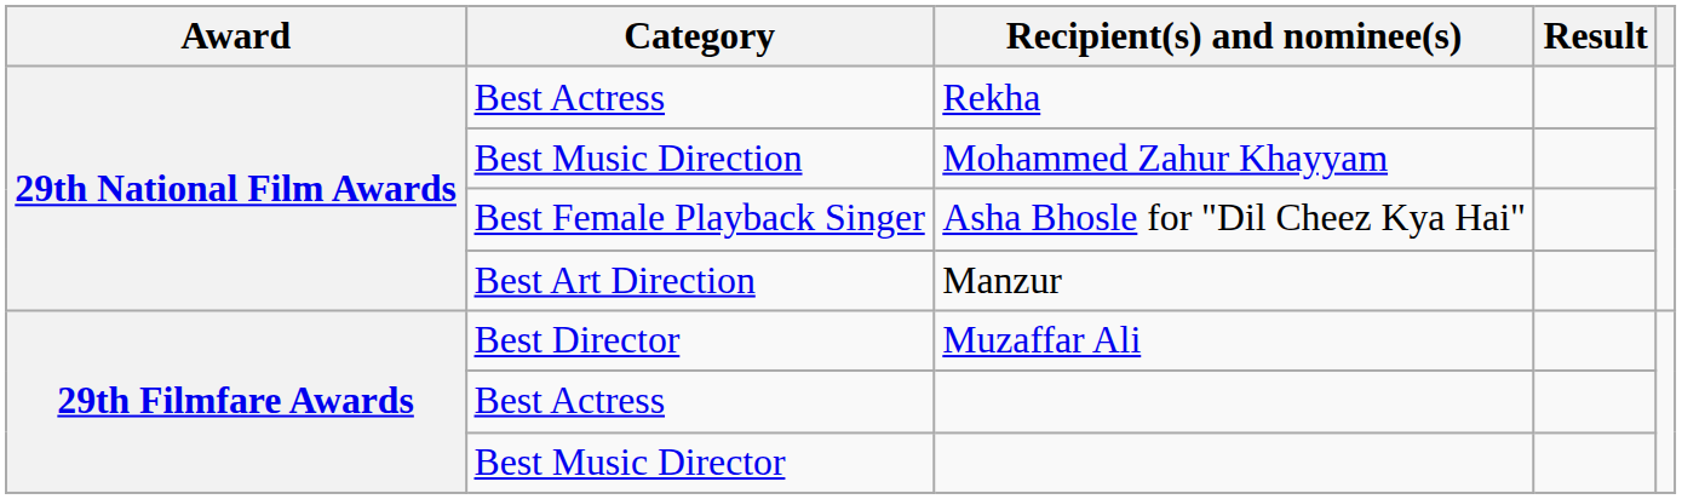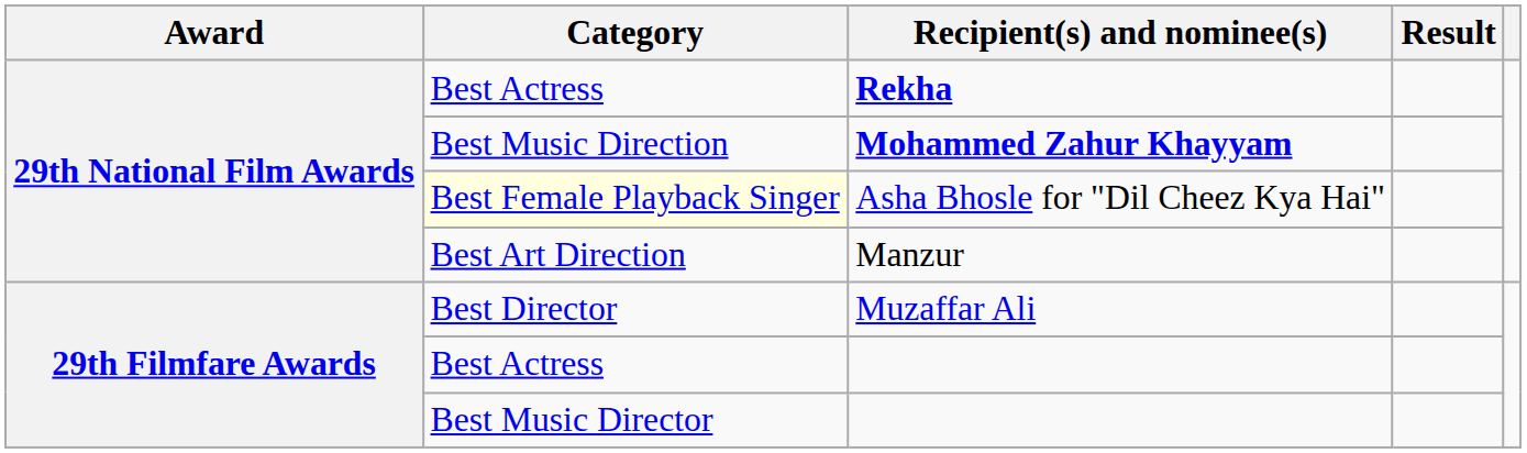 <table class="wikitable plainrowheaders sortable">
 <tr>
 <th scope="col">Award</th>
 <th scope="col">Category</th>
 <th scope="col">Recipient(s) and nominee(s)</th>
 <th scope="col">Result</th>
 <th scope="col" class="unsortable"></th>
 </tr>
 <tr>
 <th rowspan="4" scope="row"><a href='#'>29th National Film Awards</a></th>
 <td><a href='#'>Best Actress</a></td>
-<td><a href='#'>Rekha</a></td>
+<td><strong><a href='#'>Rekha</a></strong></td>
 <td></td>
 <td rowspan="4" style="text-align:center;"></td>
 </tr>
 <tr>
 <td><a href='#'>Best Music Direction</a></td>
-<td><a href='#'>Mohammed Zahur Khayyam</a></td>
+<td><strong><a href='#'>Mohammed Zahur Khayyam</a></strong></td>
 <td></td>
 </tr>
 <tr>
-<td><a href='#'>Best Female Playback Singer</a></td>
+<td style="background: lightyellow;"><a href='#'>Best Female Playback Singer</a></td>
 <td><a href='#'>Asha Bhosle</a> for "Dil Cheez Kya Hai"</td>
 <td></td>
 </tr>
 <tr>
 <td><a href='#'>Best Art Direction</a></td>
 <td>Manzur</td>
 <td></td>
 </tr>
 <tr>
 <th rowspan="3" scope="row"><a href='#'>29th Filmfare Awards</a></th>
 <td><a href='#'>Best Director</a></td>
 <td><a href='#'>Muzaffar Ali</a></td>
 <td></td>
 <td rowspan="3" style="text-align:center;"></td>
 </tr>
 <tr>
 <td><a href='#'>Best Actress</a></td>
 <td></td>
 <td></td>
 </tr>
 <tr>
 <td><a href='#'>Best Music Director</a></td>
 <td></td>
 <td></td>
 </tr>
 </table>
